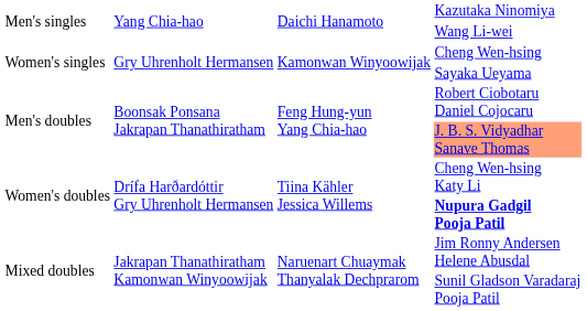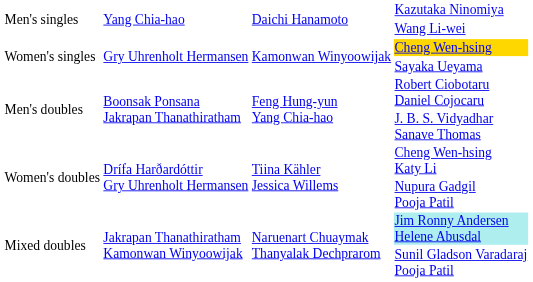 <table>
 <tr>
 <td rowspan="2">Men's singles</td>
 <td rowspan="2"> <a href='#'>Yang Chia-hao</a></td>
 <td rowspan="2"> <a href='#'>Daichi Hanamoto</a></td>
 <td> <a href='#'>Kazutaka Ninomiya</a></td>
 </tr>
 <tr>
 <td> <a href='#'>Wang Li-wei</a></td>
 </tr>
 <tr>
 <td rowspan="2">Women's singles</td>
 <td rowspan="2"> <a href='#'>Gry Uhrenholt Hermansen</a></td>
 <td rowspan="2"> <a href='#'>Kamonwan Winyoowijak</a></td>
-<td> <a href='#'>Cheng Wen-hsing</a></td>
+<td style="background: gold;"> <a href='#'>Cheng Wen-hsing</a></td>
 </tr>
 <tr>
 <td> <a href='#'>Sayaka Ueyama</a></td>
 </tr>
 <tr>
 <td rowspan="2">Men's doubles</td>
 <td rowspan="2"> <a href='#'>Boonsak Ponsana</a><br> <a href='#'>Jakrapan Thanathiratham</a></td>
 <td rowspan="2"> <a href='#'>Feng Hung-yun</a><br> <a href='#'>Yang Chia-hao</a></td>
 <td> <a href='#'>Robert Ciobotaru</a><br> <a href='#'>Daniel Cojocaru</a></td>
 </tr>
 <tr>
-<td style="background: lightsalmon;"> <a href='#'>J. B. S. Vidyadhar</a><br> <a href='#'>Sanave Thomas</a></td>
+<td> <a href='#'>J. B. S. Vidyadhar</a><br> <a href='#'>Sanave Thomas</a></td>
 </tr>
 <tr>
 <td rowspan="2">Women's doubles</td>
 <td rowspan="2"> <a href='#'>Drífa Harðardóttir</a><br> <a href='#'>Gry Uhrenholt Hermansen</a></td>
 <td rowspan="2"> <a href='#'>Tiina Kähler</a><br> <a href='#'>Jessica Willems</a></td>
 <td> <a href='#'>Cheng Wen-hsing</a><br> <a href='#'>Katy Li</a></td>
 </tr>
 <tr>
-<td><strong> <a href='#'>Nupura Gadgil</a><br> <a href='#'>Pooja Patil</a></strong></td>
+<td> <a href='#'>Nupura Gadgil</a><br> <a href='#'>Pooja Patil</a></td>
 </tr>
 <tr>
 <td rowspan="2">Mixed doubles</td>
 <td rowspan="2"> <a href='#'>Jakrapan Thanathiratham</a><br> <a href='#'>Kamonwan Winyoowijak</a></td>
 <td rowspan="2"> <a href='#'>Naruenart Chuaymak</a><br> <a href='#'>Thanyalak Dechprarom</a></td>
-<td> <a href='#'>Jim Ronny Andersen</a><br> <a href='#'>Helene Abusdal</a></td>
+<td style="background: paleturquoise;"> <a href='#'>Jim Ronny Andersen</a><br> <a href='#'>Helene Abusdal</a></td>
 </tr>
 <tr>
 <td> <a href='#'>Sunil Gladson Varadaraj</a><br> <a href='#'>Pooja Patil</a></td>
 </tr>
 </table>
